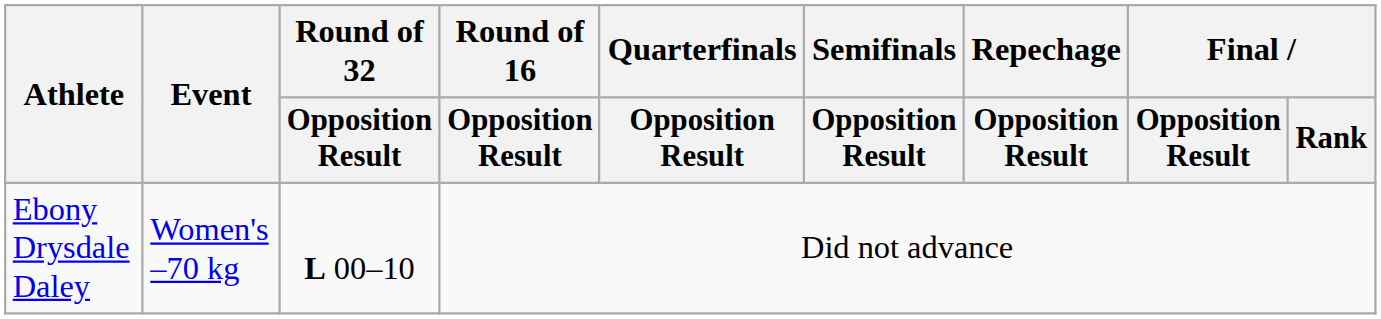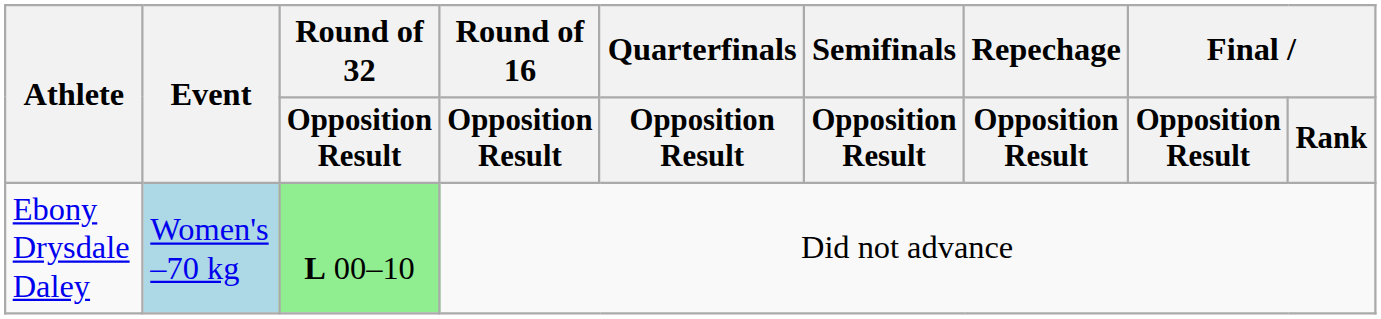 <table class="wikitable" style="font-size:90%">
 <tr>
 <th rowspan="2">Athlete</th>
 <th rowspan="2">Event</th>
 <th>Round of 32</th>
 <th>Round of 16</th>
 <th>Quarterfinals</th>
 <th>Semifinals</th>
 <th>Repechage</th>
 <th colspan=2>Final / </th>
 </tr>
 <tr style="font-size:95%">
 <th>Opposition<br>Result</th>
 <th>Opposition<br>Result</th>
 <th>Opposition<br>Result</th>
 <th>Opposition<br>Result</th>
 <th>Opposition<br>Result</th>
 <th>Opposition<br>Result</th>
 <th>Rank</th>
 </tr>
 <tr align=center>
 <td align=left><a href='#'>Ebony Drysdale Daley</a></td>
-<td align=left><a href='#'>Women's –70 kg</a></td>
-<td><br><strong>L</strong> 00–10</td>
+<td align=left style="background: lightblue;"><a href='#'>Women's –70 kg</a></td>
+<td style="background: lightgreen;"><br><strong>L</strong> 00–10</td>
 <td colspan=6>Did not advance</td>
 </tr>
 </table>
